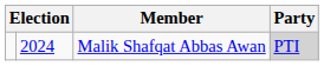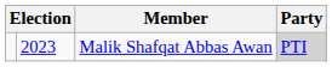 <table class="wikitable">
 <tr>
 <th colspan="2">Election</th>
 <th>Member</th>
 <th>Party</th>
 </tr>
 <tr>
 <td style="background-color: "></td>
-<td><a href='#'>2024</a></td>
+<td><a href='#'>2023</a></td>
 <td><a href='#'>Malik Shafqat Abbas Awan</a></td>
 <td style="background: lightgrey;"><a href='#'>PTI</a></td>
 </tr>
 </table>
